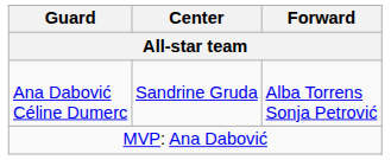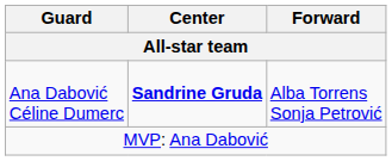 <table class=wikitable style="margin:auto">
 <tr>
 <th>Guard</th>
 <th>Center</th>
 <th>Forward</th>
 </tr>
 <tr>
 <th colspan=3 align=center>All-star team</th>
 </tr>
 <tr>
 <td><br> <a href='#'>Ana Dabović</a> <br>  <a href='#'>Céline Dumerc</a></td>
-<td valign=top><br> <a href='#'>Sandrine Gruda</a></td>
+<td valign=top><strong><br> <a href='#'>Sandrine Gruda</a></strong></td>
 <td><br> <a href='#'>Alba Torrens</a> <br>  <a href='#'>Sonja Petrović</a></td>
 </tr>
 <tr>
 <td colspan=3 align=center><a href='#'>MVP</a>:  <a href='#'>Ana Dabović</a></td>
 </tr>
 </table>
